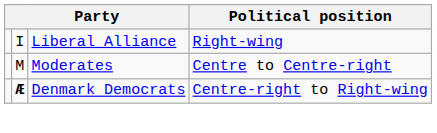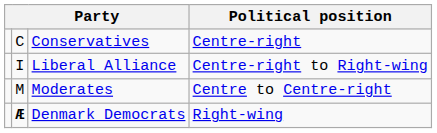 <table class="wikitable">
 <tr>
 <th colspan="3">Party</th>
 <th>Political position</th>
 </tr>
 <tr>
 <td></td>
+<td>C</td>
+<td><a href='#'>Conservatives</a></td>
+<td><a href='#'>Centre-right</a></td>
+</tr>
+<tr>
+<td></td>
 <td>I</td>
 <td><a href='#'>Liberal Alliance</a></td>
-<td><a href='#'>Right-wing</a></td>
+<td><a href='#'>Centre-right</a> to <a href='#'>Right-wing</a></td>
 </tr>
 <tr>
 <td></td>
 <td>M</td>
 <td><a href='#'>Moderates</a></td>
 <td><a href='#'>Centre</a> to <a href='#'>Centre-right</a></td>
 </tr>
 <tr>
 <td></td>
 <td><strong>Æ</strong></td>
 <td><a href='#'>Denmark Democrats</a></td>
-<td><a href='#'>Centre-right</a> to <a href='#'>Right-wing</a></td>
+<td><a href='#'>Right-wing</a></td>
 </tr>
 </table>
